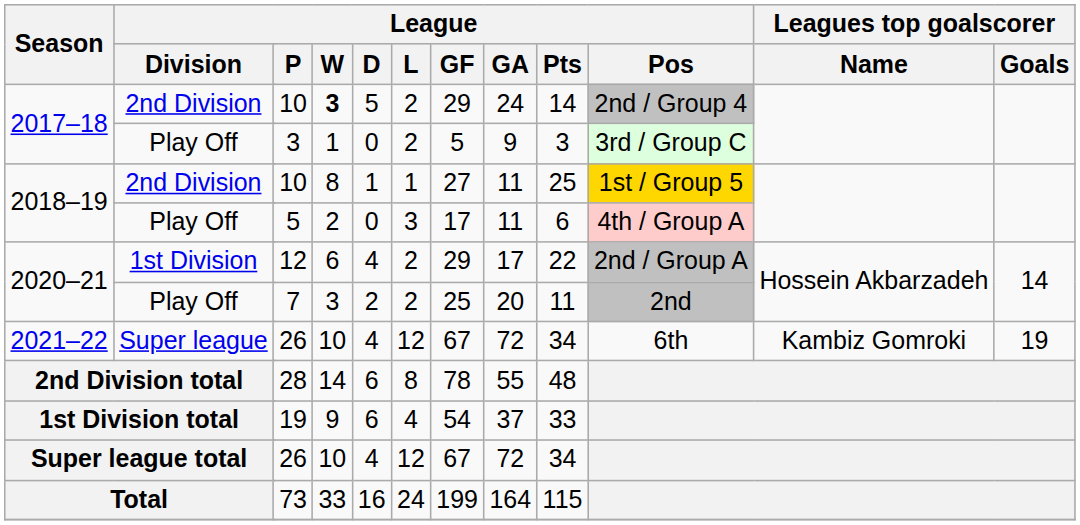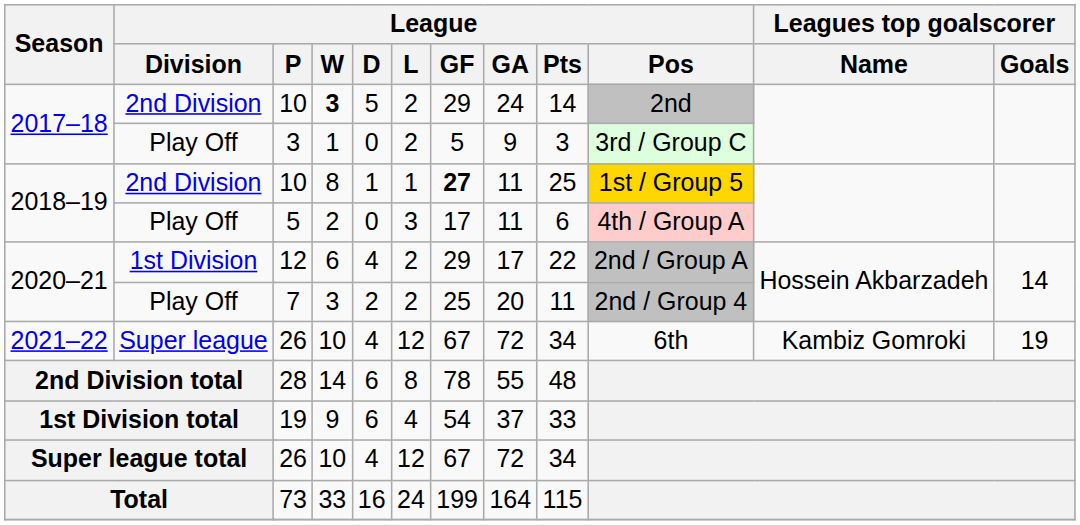 <table class="wikitable" style="text-align: center">
 <tr>
 <th rowspan=2>Season</th>
 <th colspan=10>League</th>
 <th colspan=2>Leagues top goalscorer</th>
 </tr>
 <tr>
 <th colspan=2>Division</th>
 <th>P</th>
 <th>W</th>
 <th>D</th>
 <th>L</th>
 <th>GF</th>
 <th>GA</th>
 <th>Pts</th>
 <th>Pos</th>
 <th>Name</th>
 <th>Goals</th>
 </tr>
 <tr>
 <td rowspan=2><a href='#'>2017–18</a></td>
 <td colspan=2><a href='#'>2nd Division</a></td>
 <td>10</td>
 <td><strong>3</strong></td>
 <td>5</td>
 <td>2</td>
 <td>29</td>
 <td>24</td>
 <td>14</td>
-<td bgcolor=silver>2nd / Group 4</td>
+<td bgcolor=silver>2nd </td>
 <td rowspan=2></td>
 <td rowspan=2></td>
 </tr>
 <tr>
 <td colspan=2>Play Off</td>
 <td>3</td>
 <td>1</td>
 <td>0</td>
 <td>2</td>
 <td>5</td>
 <td>9</td>
 <td>3</td>
 <td bgcolor="#DDFFDD">3rd / Group C</td>
 </tr>
 <tr>
 <td rowspan=2>2018–19</td>
 <td colspan=2><a href='#'>2nd Division</a></td>
 <td>10</td>
 <td>8</td>
 <td>1</td>
 <td>1</td>
-<td>27</td>
+<td><strong>27</strong></td>
 <td>11</td>
 <td>25</td>
 <td bgcolor=gold>1st / Group 5</td>
 <td rowspan=2></td>
 <td rowspan=2></td>
 </tr>
 <tr>
 <td colspan=2>Play Off</td>
 <td>5</td>
 <td>2</td>
 <td>0</td>
 <td>3</td>
 <td>17</td>
 <td>11</td>
 <td>6</td>
 <td bgcolor="#FFCCCC">4th / Group A</td>
 </tr>
 <tr>
 <td rowspan=2>2020–21</td>
 <td colspan=2><a href='#'>1st Division</a></td>
 <td>12</td>
 <td>6</td>
 <td>4</td>
 <td>2</td>
 <td>29</td>
 <td>17</td>
 <td>22</td>
 <td bgcolor=silver>2nd / Group A</td>
 <td rowspan=2>Hossein Akbarzadeh</td>
 <td rowspan=2>14</td>
 </tr>
 <tr>
 <td colspan=2>Play Off</td>
 <td>7</td>
 <td>3</td>
 <td>2</td>
 <td>2</td>
 <td>25</td>
 <td>20</td>
 <td>11</td>
-<td bgcolor=silver>2nd </td>
+<td bgcolor=silver>2nd / Group 4</td>
 </tr>
 <tr>
 <td><a href='#'>2021–22</a></td>
 <td colspan=2><a href='#'>Super league</a></td>
 <td>26</td>
 <td>10</td>
 <td>4</td>
 <td>12</td>
 <td>67</td>
 <td>72</td>
 <td>34</td>
 <td>6th</td>
 <td>Kambiz Gomroki</td>
 <td>19</td>
 </tr>
 <tr>
 <th colspan=3>2nd Division total</th>
 <td>28</td>
 <td>14</td>
 <td>6</td>
 <td>8</td>
 <td>78</td>
 <td>55</td>
 <td>48</td>
 <th colspan=5></th>
 </tr>
 <tr>
 <th colspan=3>1st Division total</th>
 <td>19</td>
 <td>9</td>
 <td>6</td>
 <td>4</td>
 <td>54</td>
 <td>37</td>
 <td>33</td>
 <th colspan=5></th>
 </tr>
 <tr>
 <th colspan=3>Super league total</th>
 <td>26</td>
 <td>10</td>
 <td>4</td>
 <td>12</td>
 <td>67</td>
 <td>72</td>
 <td>34</td>
 <th colspan=5></th>
 </tr>
 <tr>
 <th colspan=3>Total</th>
 <td>73</td>
 <td>33</td>
 <td>16</td>
 <td>24</td>
 <td>199</td>
 <td>164</td>
 <td>115</td>
 <th colspan=5></th>
 </tr>
 <tr>
 </tr>
 </table>
